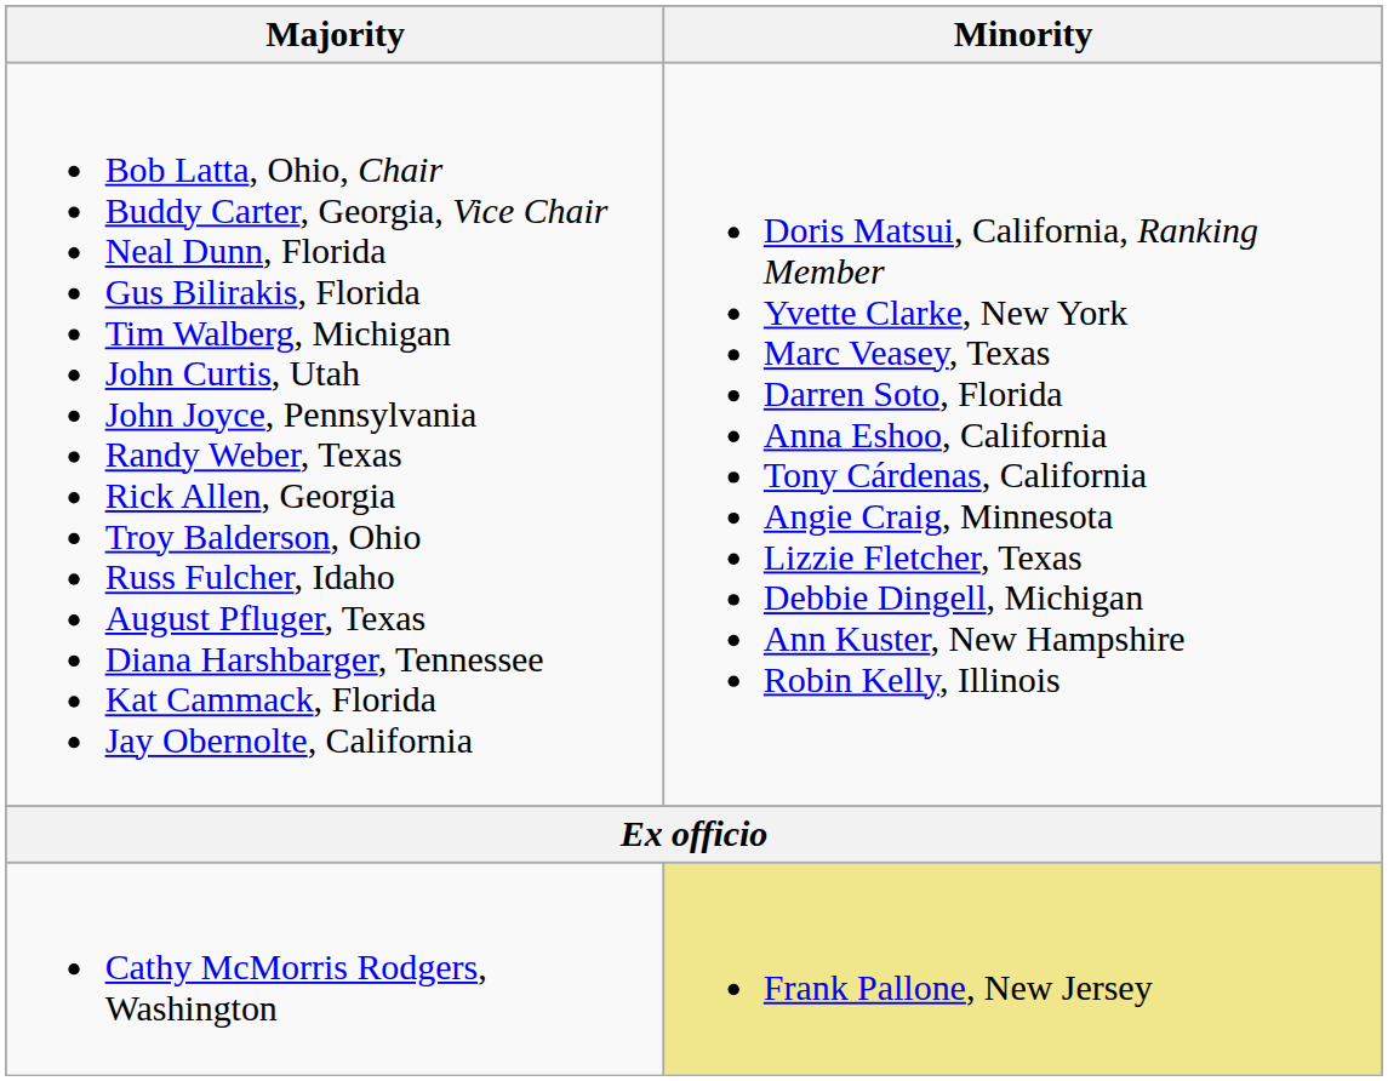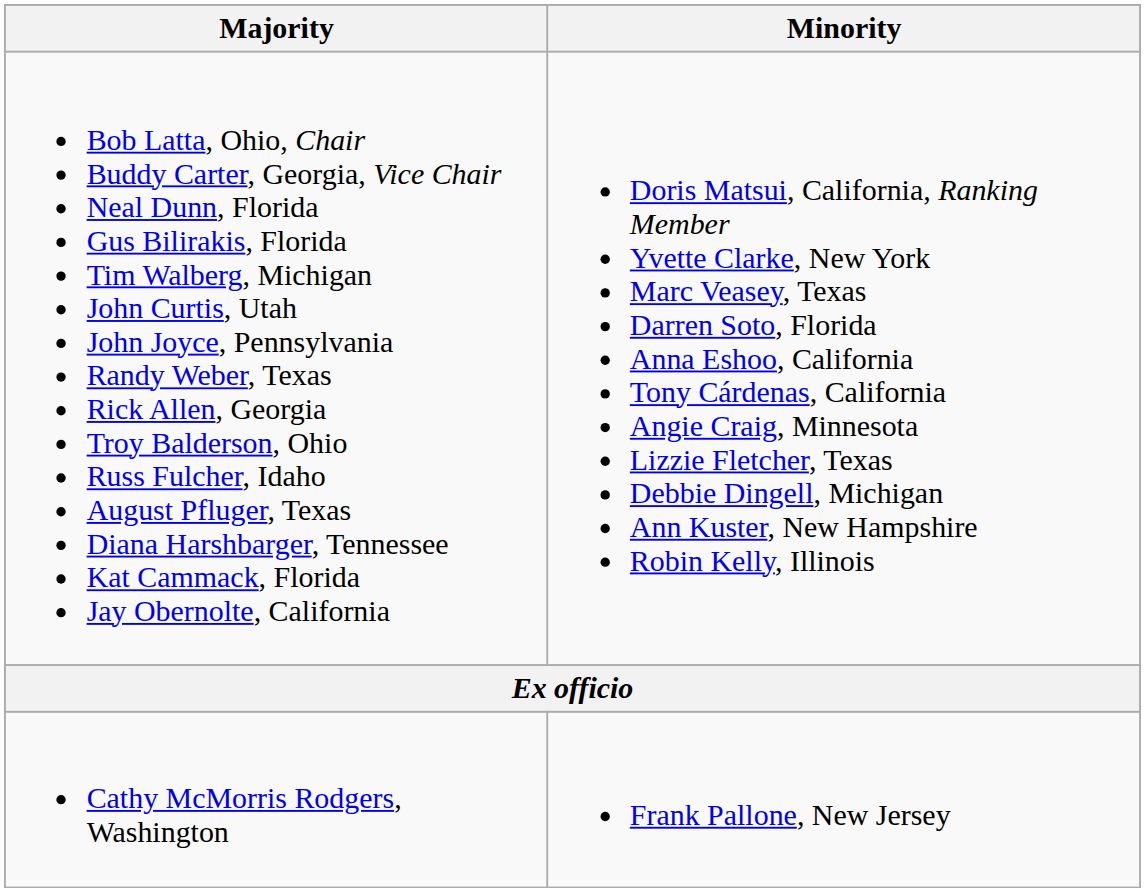 <table class=wikitable>
 <tr>
 <th>Majority</th>
 <th>Minority</th>
 </tr>
 <tr>
 <td><br><ul><li><a href='#'>Bob Latta</a>, Ohio, <em>Chair</em></li><li><a href='#'>Buddy Carter</a>, Georgia, <em>Vice Chair</em></li><li><a href='#'>Neal Dunn</a>, Florida</li><li><a href='#'>Gus Bilirakis</a>, Florida</li><li><a href='#'>Tim Walberg</a>, Michigan</li><li><a href='#'>John Curtis</a>, Utah</li><li><a href='#'>John Joyce</a>, Pennsylvania</li><li><a href='#'>Randy Weber</a>, Texas</li><li><a href='#'>Rick Allen</a>, Georgia</li><li><a href='#'>Troy Balderson</a>, Ohio</li><li><a href='#'>Russ Fulcher</a>, Idaho</li><li><a href='#'>August Pfluger</a>, Texas</li><li><a href='#'>Diana Harshbarger</a>, Tennessee</li><li><a href='#'>Kat Cammack</a>, Florida</li><li><a href='#'>Jay Obernolte</a>, California</li></ul></td>
 <td><br><ul><li><a href='#'>Doris Matsui</a>, California, <em>Ranking Member</em></li><li><a href='#'>Yvette Clarke</a>, New York</li><li><a href='#'>Marc Veasey</a>, Texas</li><li><a href='#'>Darren Soto</a>, Florida</li><li><a href='#'>Anna Eshoo</a>, California</li><li><a href='#'>Tony Cárdenas</a>, California</li><li><a href='#'>Angie Craig</a>, Minnesota</li><li><a href='#'>Lizzie Fletcher</a>, Texas</li><li><a href='#'>Debbie Dingell</a>, Michigan</li><li><a href='#'>Ann Kuster</a>, New Hampshire</li><li><a href='#'>Robin Kelly</a>, Illinois</li></ul></td>
 </tr>
 <tr>
 <th colspan=2><em>Ex officio</em></th>
 </tr>
 <tr>
 <td><br><ul><li><a href='#'>Cathy McMorris Rodgers</a>, Washington</li></ul></td>
-<td style="background: khaki;"><br><ul><li><a href='#'>Frank Pallone</a>, New Jersey</li></ul></td>
+<td><br><ul><li><a href='#'>Frank Pallone</a>, New Jersey</li></ul></td>
 </tr>
 </table>
